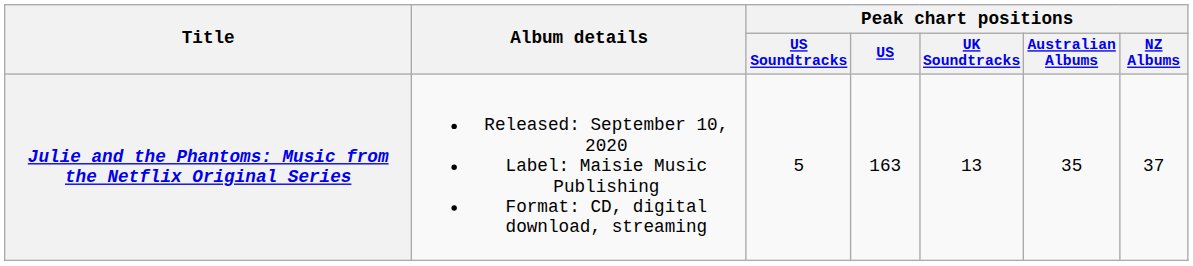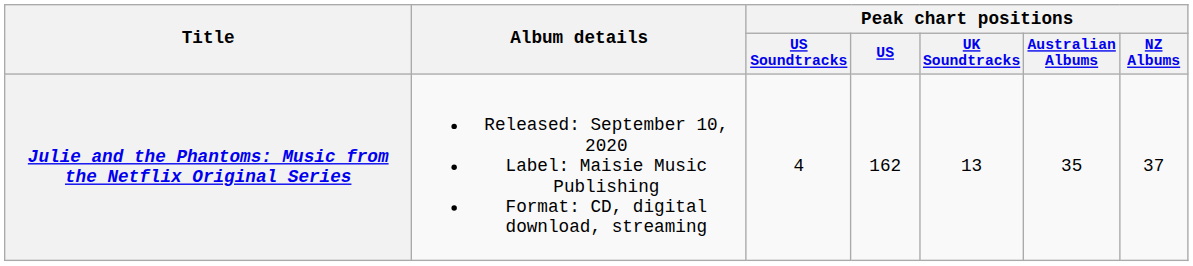 <table class="wikitable plainrowheaders" style="text-align:center;">
 <tr>
 <th scope="col" rowspan="2">Title</th>
 <th scope="col" rowspan="2">Album details</th>
 <th colspan="5">Peak chart positions</th>
 </tr>
 <tr style="font-size:smaller;">
 <th style="width:45px;"><a href='#'>US Soundtracks</a></th>
 <th style="width:45px;"><a href='#'>US</a><br></th>
 <th style="width:45px;"><a href='#'>UK Soundtracks</a><br></th>
 <th style="width:45px;"><a href='#'>Australian Albums</a><br></th>
 <th style="width:45px;"><a href='#'>NZ Albums</a><br></th>
 </tr>
 <tr>
 <th scope=" row"><em><a href='#'>Julie and the Phantoms: Music from the Netflix Original Series</a></em></th>
 <td><br><ul><li>Released: September 10, 2020</li><li>Label: Maisie Music Publishing</li><li>Format: CD, digital download, streaming</li></ul></td>
-<td>5</td>
-<td>163</td>
+<td>4</td>
+<td>162</td>
 <td>13</td>
 <td>35</td>
 <td>37</td>
 </tr>
 </table>
